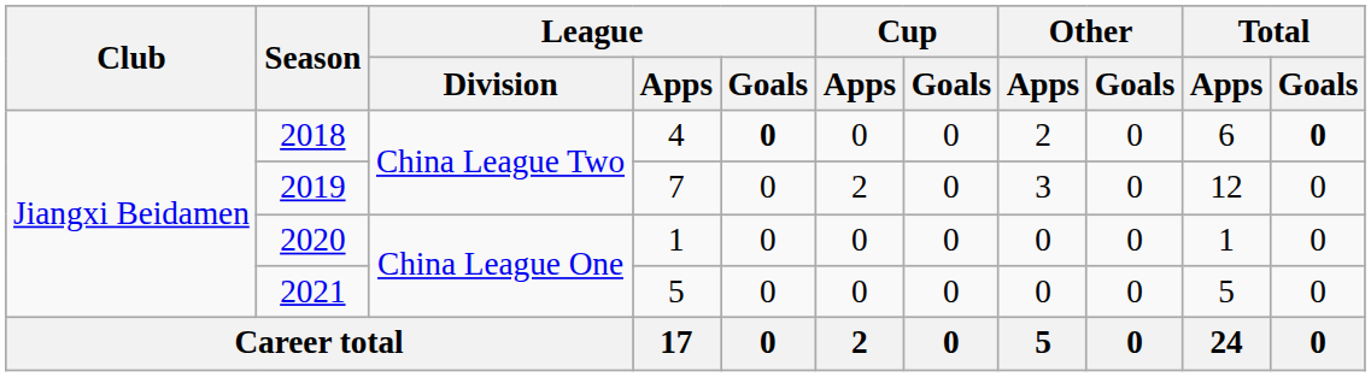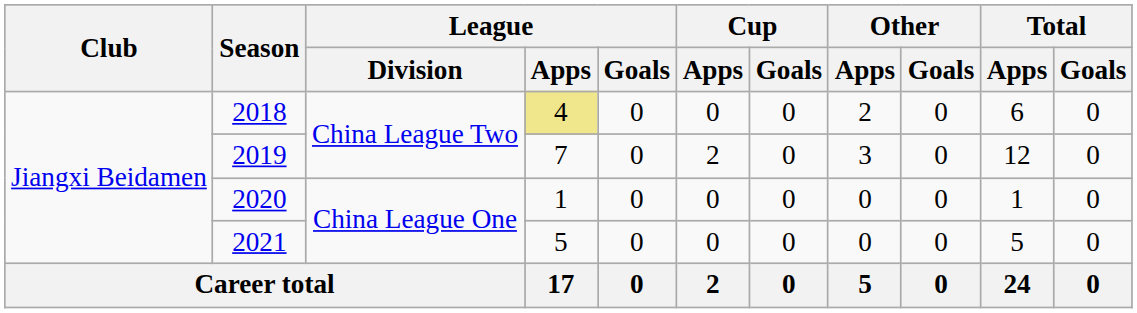 <table class="wikitable" style="text-align: center">
 <tr>
 <th rowspan="2">Club</th>
 <th rowspan="2">Season</th>
 <th colspan="3">League</th>
 <th colspan="2">Cup</th>
 <th colspan="2">Other</th>
 <th colspan="2">Total</th>
 </tr>
 <tr>
 <th>Division</th>
 <th>Apps</th>
 <th>Goals</th>
 <th>Apps</th>
 <th>Goals</th>
 <th>Apps</th>
 <th>Goals</th>
 <th>Apps</th>
 <th>Goals</th>
 </tr>
 <tr>
 <td rowspan="4"><a href='#'>Jiangxi Beidamen</a></td>
 <td><a href='#'>2018</a></td>
 <td rowspan="2"><a href='#'>China League Two</a></td>
-<td>4</td>
-<td><strong>0</strong></td>
+<td style="background: khaki;">4</td>
+<td>0</td>
 <td>0</td>
 <td>0</td>
 <td>2</td>
 <td>0</td>
 <td>6</td>
-<td><strong>0</strong></td>
+<td>0</td>
 </tr>
 <tr>
 <td><a href='#'>2019</a></td>
 <td>7</td>
 <td>0</td>
 <td>2</td>
 <td>0</td>
 <td>3</td>
 <td>0</td>
 <td>12</td>
 <td>0</td>
 </tr>
 <tr>
 <td><a href='#'>2020</a></td>
 <td rowspan="2"><a href='#'>China League One</a></td>
 <td>1</td>
 <td>0</td>
 <td>0</td>
 <td>0</td>
 <td>0</td>
 <td>0</td>
 <td>1</td>
 <td>0</td>
 </tr>
 <tr>
 <td><a href='#'>2021</a></td>
 <td>5</td>
 <td>0</td>
 <td>0</td>
 <td>0</td>
 <td>0</td>
 <td>0</td>
 <td>5</td>
 <td>0</td>
 </tr>
 <tr>
 <th colspan=3>Career total</th>
 <th>17</th>
 <th>0</th>
 <th>2</th>
 <th>0</th>
 <th>5</th>
 <th>0</th>
 <th>24</th>
 <th>0</th>
 </tr>
 </table>
